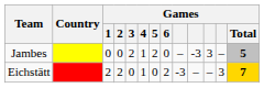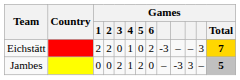 <table class="wikitable plainrowheaders" style="text-align:center;">
 <tr>
 <th rowspan=2>Team</th>
 <th rowspan=2>Country</th>
 <th colspan=11>Games</th>
 </tr>
 <tr>
 <th>1</th>
 <th>2</th>
 <th>3</th>
 <th>4</th>
 <th>5</th>
 <th>6</th>
 <th></th>
 <th></th>
 <th></th>
 <th></th>
 <th>Total</th>
 </tr>
 <tr>
+<td>Eichstätt</td>
+<td style="background:red"></td>
+<td>2</td>
+<td>2</td>
+<td>0</td>
+<td>1</td>
+<td>0</td>
+<td>2</td>
+<td>-3</td>
+<td>–</td>
+<td>–</td>
+<td>3</td>
+<td style="font-weight:bold; background:gold;">7</td>
+</tr>
+<tr>
 <td>Jambes</td>
 <td style="background:yellow"></td>
 <td>0</td>
 <td>0</td>
 <td>2</td>
 <td>1</td>
 <td>2</td>
 <td>0</td>
 <td>–</td>
 <td>-3</td>
 <td>3</td>
 <td>–</td>
 <td style="font-weight:bold; background:silver;">5</td>
 </tr>
-<tr>
-<td>Eichstätt</td>
-<td style="background:red"></td>
-<td>2</td>
-<td>2</td>
-<td>0</td>
-<td>1</td>
-<td>0</td>
-<td>2</td>
-<td>-3</td>
-<td>–</td>
-<td>–</td>
-<td>3</td>
-<td style="font-weight:bold; background:gold;">7</td>
-</tr>
 </table>
